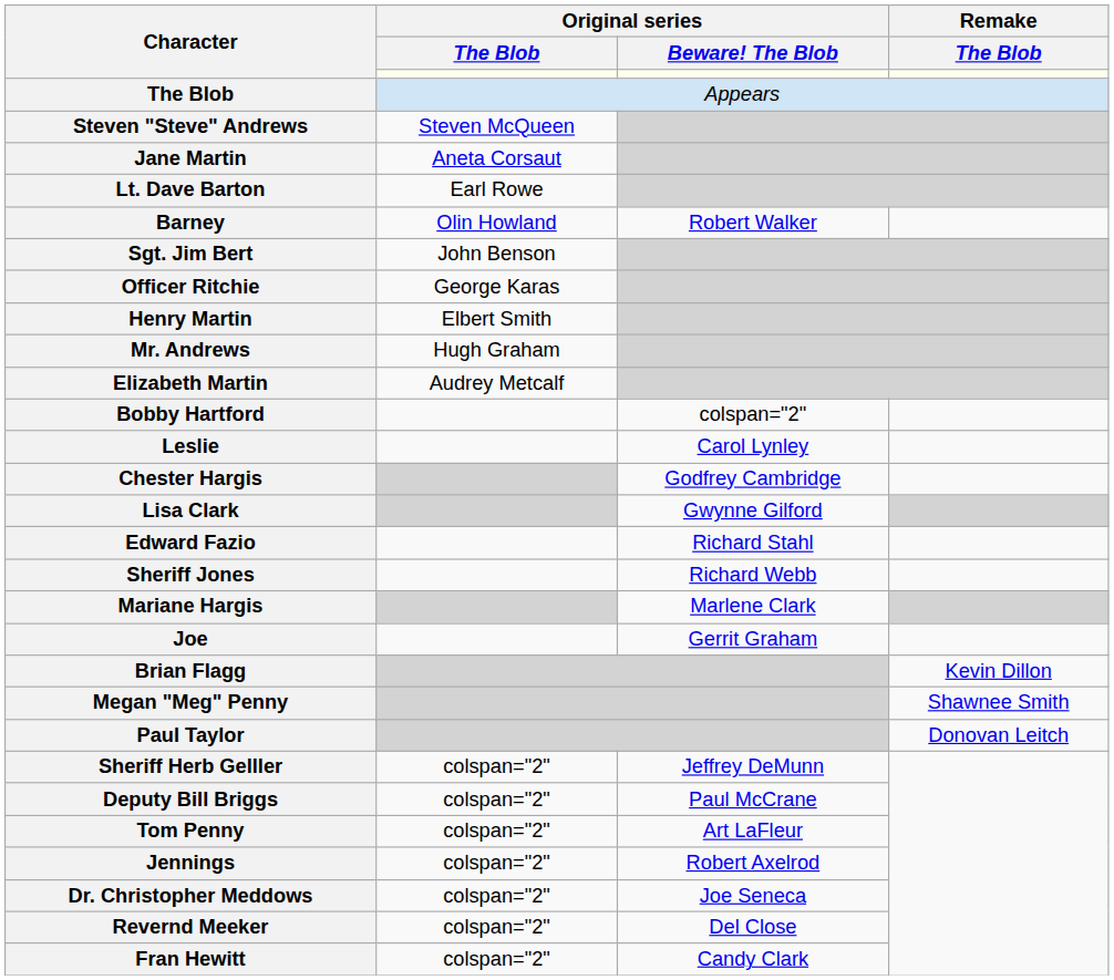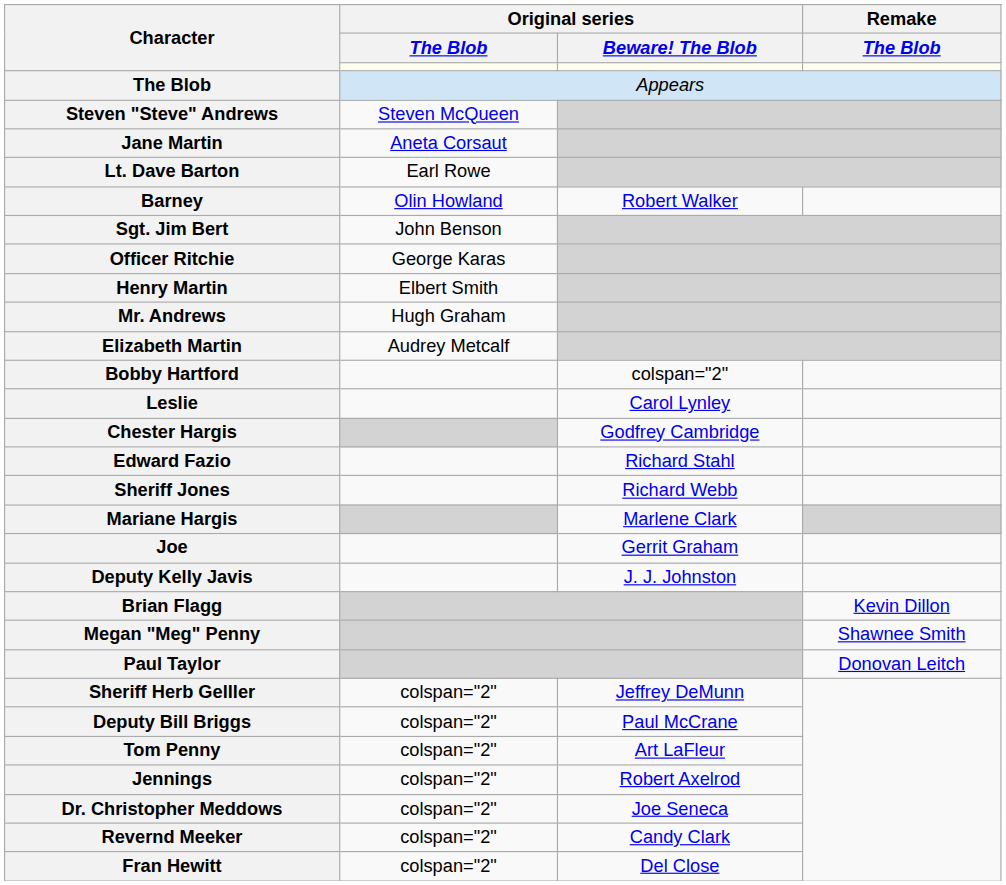 <table class="wikitable" style="text-align:center; width:99%;">
 <tr>
 <th rowspan="3">Character</th>
 <th colspan="2" style="text-align:center;">Original series</th>
 <th>Remake</th>
 </tr>
 <tr>
 <th style="text-align:center;"><em><a href='#'>The Blob</a></em></th>
 <th style="text-align:center;"><em><a href='#'>Beware! The Blob</a></em></th>
 <th style="text-align:center;"><em><a href='#'>The Blob</a></em></th>
 </tr>
 <tr>
 <th style="background:ivory;"></th>
 <th style="background:ivory;"></th>
 <th style="background:ivory;"></th>
 </tr>
 <tr>
 <th scope="row">The Blob</th>
 <td colspan="3" style="background: #d0e5f5"><em>Appears</em></td>
 </tr>
 <tr>
 <th>Steven "Steve" Andrews</th>
 <td><a href='#'>Steven McQueen</a></td>
 <td colspan="2" style="background:lightgrey;"></td>
 </tr>
 <tr>
 <th scope="row">Jane Martin</th>
 <td><a href='#'>Aneta Corsaut</a></td>
 <td colspan="2" style="background:lightgrey;"></td>
 </tr>
 <tr>
 <th scope="row">Lt. Dave Barton</th>
 <td>Earl Rowe</td>
 <td colspan="2" style="background:lightgrey;"></td>
 </tr>
 <tr>
 <th scope="row">Barney</th>
 <td><a href='#'>Olin Howland</a></td>
 <td><a href='#'>Robert Walker</a></td>
 </tr>
 <tr>
 <th scope="row">Sgt. Jim Bert</th>
 <td>John Benson</td>
 <td colspan="2" style="background:lightgrey;"></td>
 </tr>
 <tr>
 <th>Officer Ritchie</th>
 <td>George Karas</td>
 <td colspan="2" style="background:lightgrey;"></td>
 </tr>
 <tr>
 <th>Henry Martin</th>
 <td>Elbert Smith</td>
 <td colspan="2" style="background:lightgrey;"></td>
 </tr>
 <tr>
 <th>Mr. Andrews</th>
 <td>Hugh Graham</td>
 <td colspan="2" style="background:lightgrey;"></td>
 </tr>
 <tr>
 <th>Elizabeth Martin</th>
 <td>Audrey Metcalf</td>
 <td colspan="2" style="background:lightgrey;"></td>
 </tr>
 <tr>
 <th>Bobby Hartford</th>
 <td></td>
 <td>colspan="2" </td>
 <td></td>
 </tr>
 <tr>
 <th>Leslie</th>
 <td></td>
 <td><a href='#'>Carol Lynley</a></td>
 <td></td>
 </tr>
 <tr>
 <th scope="row">Chester Hargis</th>
 <td style="background:lightgrey;"></td>
 <td><a href='#'>Godfrey Cambridge</a></td>
 <td></td>
 </tr>
 <tr>
-<th scope="row">Lisa Clark</th>
-<td style="background:lightgrey;"></td>
-<td><a href='#'>Gwynne Gilford</a></td>
-<td style="background:lightgrey;"></td>
-</tr>
-<tr>
 <th>Edward Fazio</th>
 <td></td>
 <td><a href='#'>Richard Stahl</a></td>
 <td></td>
 </tr>
 <tr>
 <th>Sheriff Jones</th>
 <td></td>
 <td><a href='#'>Richard Webb</a></td>
 <td></td>
 </tr>
 <tr>
 <th scope="row">Mariane Hargis</th>
 <td style="background:lightgrey;"></td>
 <td><a href='#'>Marlene Clark</a></td>
 <td style="background:lightgrey;"></td>
 </tr>
 <tr>
 <th>Joe</th>
 <td></td>
 <td><a href='#'>Gerrit Graham</a></td>
+<td></td>
+</tr>
+<tr>
+<th>Deputy Kelly Javis</th>
+<td></td>
+<td><a href='#'>J. J. Johnston</a></td>
 <td></td>
 </tr>
 <tr>
 <th scope="row">Brian Flagg</th>
 <td colspan="2" style="background:lightgrey;"></td>
 <td><a href='#'>Kevin Dillon</a></td>
 </tr>
 <tr>
 <th scope="row">Megan "Meg" Penny</th>
 <td colspan="2" style="background:lightgrey;"></td>
 <td><a href='#'>Shawnee Smith</a></td>
 </tr>
 <tr>
 <th scope="row">Paul Taylor</th>
 <td colspan="2" style="background:lightgrey;"></td>
 <td><a href='#'>Donovan Leitch</a></td>
 </tr>
 <tr>
 <th>Sheriff Herb Gelller</th>
 <td>colspan="2" </td>
 <td><a href='#'>Jeffrey DeMunn</a></td>
 </tr>
 <tr>
 <th>Deputy Bill Briggs</th>
 <td>colspan="2" </td>
 <td><a href='#'>Paul McCrane</a></td>
 </tr>
 <tr>
 <th>Tom Penny</th>
 <td>colspan="2" </td>
 <td><a href='#'>Art LaFleur</a></td>
 </tr>
 <tr>
 <th>Jennings</th>
 <td>colspan="2" </td>
 <td><a href='#'>Robert Axelrod</a></td>
 </tr>
 <tr>
 <th>Dr. Christopher Meddows</th>
 <td>colspan="2" </td>
 <td><a href='#'>Joe Seneca</a></td>
 </tr>
 <tr>
 <th>Revernd Meeker</th>
 <td>colspan="2" </td>
-<td><a href='#'>Del Close</a></td>
+<td><a href='#'>Candy Clark</a></td>
 </tr>
 <tr>
 <th>Fran Hewitt</th>
 <td>colspan="2" </td>
-<td><a href='#'>Candy Clark</a></td>
+<td><a href='#'>Del Close</a></td>
 </tr>
 <tr>
 </tr>
 </table>
